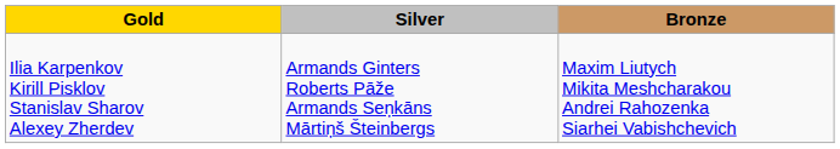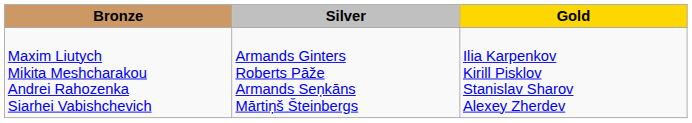 <table class="wikitable">
 <tr align="center">
+<td style="width: 15em; background: #CC9966"><strong>Bronze</strong></td>
+<td style="width: 15em; background: silver"><strong>Silver</strong></td>
 <td style="width: 15em; background: gold"><strong>Gold</strong></td>
-<td style="width: 15em; background: silver"><strong>Silver</strong></td>
-<td style="width: 15em; background: #CC9966"><strong>Bronze</strong></td>
 </tr>
 <tr>
+<td><br><a href='#'>Maxim Liutych</a><br><a href='#'>Mikita Meshcharakou</a><br><a href='#'>Andrei Rahozenka</a><br><a href='#'>Siarhei Vabishchevich</a></td>
+<td><br><a href='#'>Armands Ginters</a><br><a href='#'>Roberts Pāže</a><br><a href='#'>Armands Seņkāns</a><br><a href='#'>Mārtiņš Šteinbergs</a></td>
 <td><br><a href='#'>Ilia Karpenkov</a><br><a href='#'>Kirill Pisklov</a><br><a href='#'>Stanislav Sharov</a><br><a href='#'>Alexey Zherdev</a></td>
-<td><br><a href='#'>Armands Ginters</a><br><a href='#'>Roberts Pāže</a><br><a href='#'>Armands Seņkāns</a><br><a href='#'>Mārtiņš Šteinbergs</a></td>
-<td><br><a href='#'>Maxim Liutych</a><br><a href='#'>Mikita Meshcharakou</a><br><a href='#'>Andrei Rahozenka</a><br><a href='#'>Siarhei Vabishchevich</a></td>
 </tr>
 </table>
